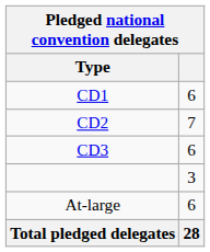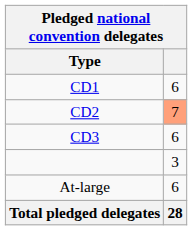 <table class="wikitable sortable" style="font-size:90%;text-align:center;float:right;padding:5px;">
 <tr>
 <th colspan="2">Pledged <a href='#'>national<br>convention</a> delegates</th>
 </tr>
 <tr>
 <th>Type</th>
 <th></th>
 </tr>
 <tr>
 <td><a href='#'>CD1</a></td>
 <td>6</td>
 </tr>
 <tr>
 <td><a href='#'>CD2</a></td>
-<td>7</td>
+<td style="background: lightsalmon;">7</td>
 </tr>
 <tr>
 <td><a href='#'>CD3</a></td>
 <td>6</td>
 </tr>
 <tr>
 <td></td>
 <td>3</td>
 </tr>
 <tr>
 <td>At-large</td>
 <td>6</td>
 </tr>
 <tr>
 <th>Total pledged delegates</th>
 <th>28</th>
 </tr>
 </table>
